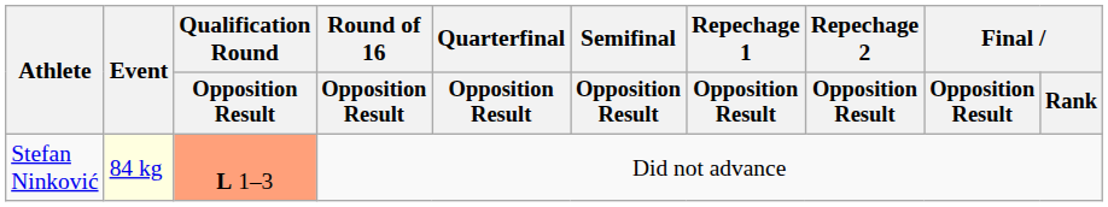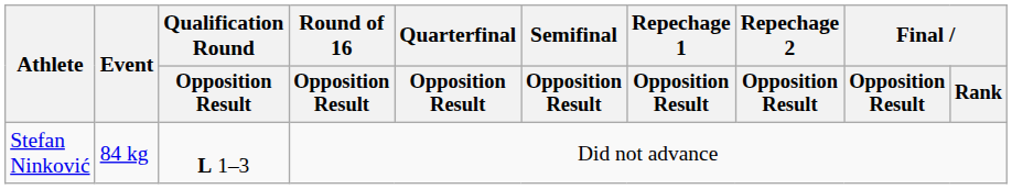 <table class="wikitable" style="font-size:90%;">
 <tr>
 <th rowspan=2>Athlete</th>
 <th rowspan=2>Event</th>
 <th>Qualification Round</th>
 <th>Round of 16</th>
 <th>Quarterfinal</th>
 <th>Semifinal</th>
 <th>Repechage 1</th>
 <th>Repechage 2</th>
 <th colspan=2>Final / </th>
 </tr>
 <tr style="font-size: 95%">
 <th>Opposition<br>Result</th>
 <th>Opposition<br>Result</th>
 <th>Opposition<br>Result</th>
 <th>Opposition<br>Result</th>
 <th>Opposition<br>Result</th>
 <th>Opposition<br>Result</th>
 <th>Opposition<br>Result</th>
 <th>Rank</th>
 </tr>
 <tr align=center>
 <td align=left><a href='#'>Stefan Ninković</a></td>
-<td align=left style="background: lightyellow;"><a href='#'>84 kg</a></td>
-<td style="background: lightsalmon;"><br><strong>L</strong> 1–3</td>
+<td align=left><a href='#'>84 kg</a></td>
+<td><br><strong>L</strong> 1–3</td>
 <td align=center colspan=7>Did not advance</td>
 </tr>
 </table>
